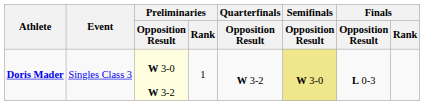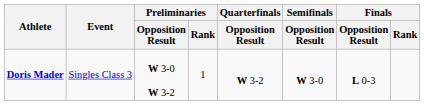 <table class=wikitable>
 <tr>
 <th rowspan="2">Athlete</th>
 <th rowspan="2">Event</th>
 <th colspan="2">Preliminaries</th>
 <th>Quarterfinals</th>
 <th>Semifinals</th>
 <th colspan="2">Finals</th>
 </tr>
 <tr>
 <th>Opposition<br>Result</th>
 <th>Rank</th>
 <th>Opposition<br>Result</th>
 <th>Opposition<br>Result</th>
 <th>Opposition<br>Result</th>
 <th>Rank</th>
 </tr>
 <tr>
 <td><strong><a href='#'>Doris Mader</a></strong></td>
 <td><a href='#'>Singles Class 3</a></td>
-<td align=center style="background: lightyellow;"> <br> <strong>W</strong> 3-0 <br>  <br> <strong>W</strong> 3-2</td>
+<td align=center> <br> <strong>W</strong> 3-0 <br>  <br> <strong>W</strong> 3-2</td>
 <td align=center>1</td>
 <td align=center> <br> <strong>W</strong> 3-2</td>
-<td align=center style="background: khaki;"> <br> <strong>W</strong> 3-0</td>
+<td align=center> <br> <strong>W</strong> 3-0</td>
 <td align=center> <br><strong>L</strong> 0-3</td>
 <td align=center></td>
 </tr>
 </table>
